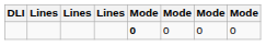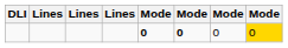 <table class="wikitable">
 <tr>
 <th>DLI</th>
 <th>Lines</th>
 <th>Lines</th>
 <th>Lines</th>
 <th>Mode</th>
 <th>Mode</th>
 <th>Mode</th>
 <th>Mode</th>
 </tr>
 <tr>
 <td></td>
 <td></td>
 <td></td>
 <td></td>
 <td><strong>0</strong></td>
+<td><strong>0</strong></td>
 <td>0</td>
-<td>0</td>
-<td>0</td>
+<td style="background: gold;">0</td>
 </tr>
 </table>
